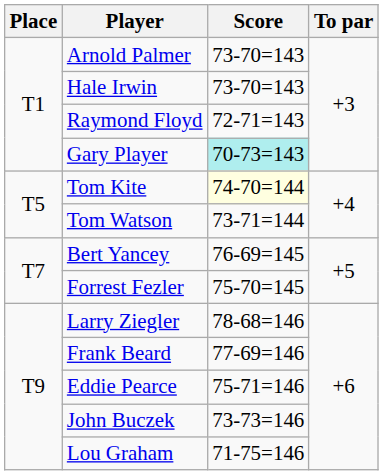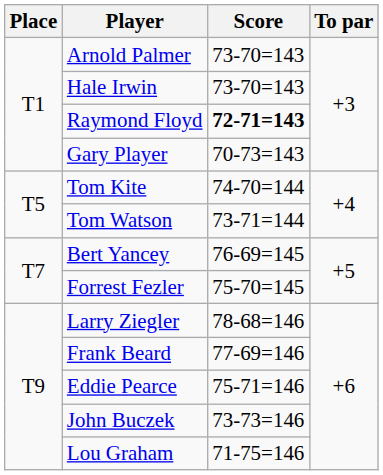 <table class=wikitable>
 <tr>
 <th>Place</th>
 <th>Player</th>
 <th>Score</th>
 <th>To par</th>
 </tr>
 <tr>
 <td rowspan=4 align=center>T1</td>
 <td> <a href='#'>Arnold Palmer</a></td>
 <td>73-70=143</td>
 <td rowspan=4 align=center>+3</td>
 </tr>
 <tr>
 <td> <a href='#'>Hale Irwin</a></td>
 <td>73-70=143</td>
 </tr>
 <tr>
 <td> <a href='#'>Raymond Floyd</a></td>
-<td>72-71=143</td>
+<td><strong>72-71=143</strong></td>
 </tr>
 <tr>
 <td> <a href='#'>Gary Player</a></td>
-<td style="background: paleturquoise;">70-73=143</td>
+<td>70-73=143</td>
 </tr>
 <tr>
 <td rowspan=2 align=center>T5</td>
 <td> <a href='#'>Tom Kite</a></td>
-<td style="background: lightyellow;">74-70=144</td>
+<td>74-70=144</td>
 <td rowspan=2 align=center>+4</td>
 </tr>
 <tr>
 <td> <a href='#'>Tom Watson</a></td>
 <td>73-71=144</td>
 </tr>
 <tr>
 <td rowspan=2 align=center>T7</td>
 <td> <a href='#'>Bert Yancey</a></td>
 <td>76-69=145</td>
 <td rowspan=2 align=center>+5</td>
 </tr>
 <tr>
 <td> <a href='#'>Forrest Fezler</a></td>
 <td>75-70=145</td>
 </tr>
 <tr>
 <td rowspan=5 align=center>T9</td>
 <td> <a href='#'>Larry Ziegler</a></td>
 <td>78-68=146</td>
 <td rowspan=5 align=center>+6</td>
 </tr>
 <tr>
 <td> <a href='#'>Frank Beard</a></td>
 <td>77-69=146</td>
 </tr>
 <tr>
 <td> <a href='#'>Eddie Pearce</a></td>
 <td>75-71=146</td>
 </tr>
 <tr>
 <td> <a href='#'>John Buczek</a></td>
 <td>73-73=146</td>
 </tr>
 <tr>
 <td> <a href='#'>Lou Graham</a></td>
 <td>71-75=146</td>
 </tr>
 </table>
